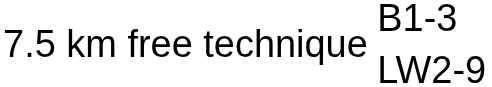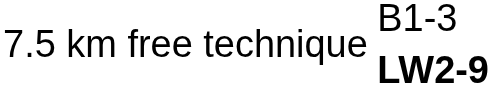 <table>
 <tr>
 <td rowspan="2">7.5 km free technique</td>
 <td>B1-3<br></td>
 <td></td>
 <td></td>
 <td></td>
 </tr>
 <tr>
-<td>LW2-9<br></td>
+<td><strong>LW2-9<br></strong></td>
 <td></td>
 <td></td>
 <td></td>
 </tr>
 </table>
